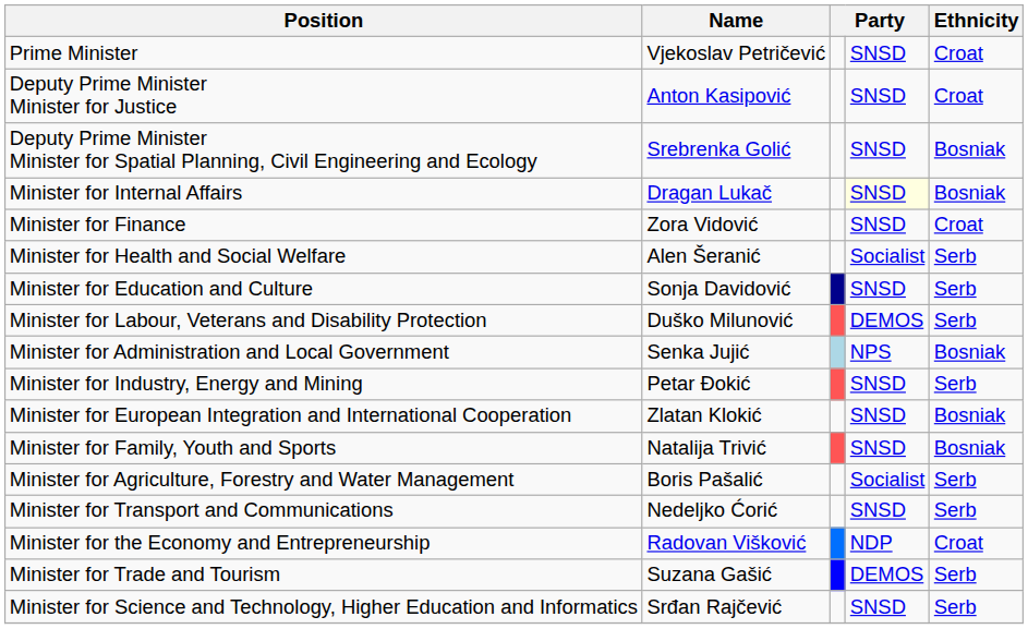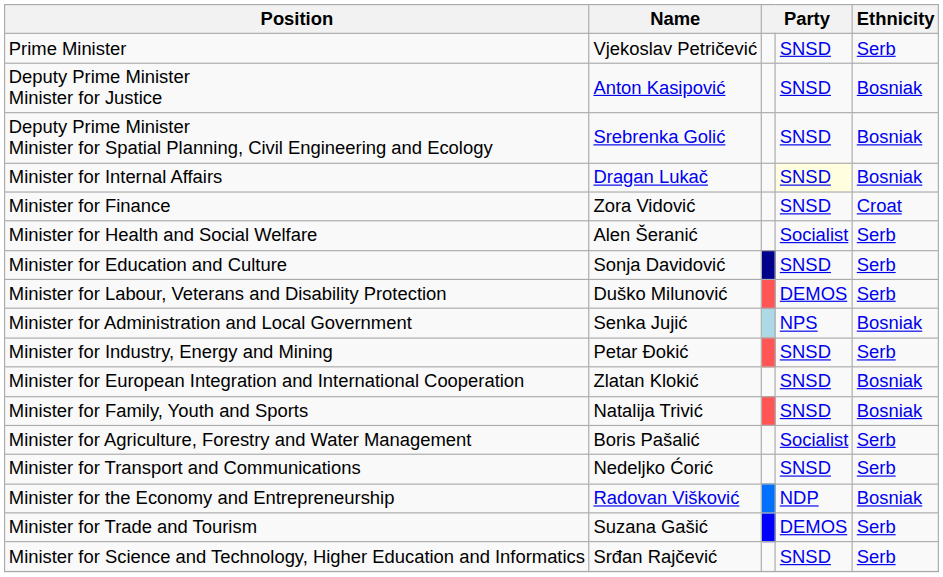 <table class="wikitable">
 <tr>
 <th>Position</th>
 <th>Name</th>
 <th colspan=2>Party</th>
 <th>Ethnicity</th>
 </tr>
 <tr>
 <td>Prime Minister</td>
 <td>Vjekoslav Petričević</td>
 <td width=5px style="background-color:"></td>
 <td><a href='#'>SNSD</a></td>
-<td><a href='#'>Croat</a></td>
+<td><a href='#'>Serb</a></td>
 </tr>
 <tr>
 <td>Deputy Prime Minister<br>Minister for Justice</td>
 <td><a href='#'>Anton Kasipović</a></td>
 <td width=5px style="background-color:"></td>
 <td><a href='#'>SNSD</a></td>
-<td><a href='#'>Croat</a></td>
+<td><a href='#'>Bosniak</a></td>
 </tr>
 <tr>
 <td>Deputy Prime Minister<br>Minister for Spatial Planning, Civil Engineering and Ecology</td>
 <td><a href='#'>Srebrenka Golić</a></td>
 <td width=5px style="background-color:"></td>
 <td><a href='#'>SNSD</a></td>
 <td><a href='#'>Bosniak</a></td>
 </tr>
 <tr>
 <td>Minister for Internal Affairs</td>
 <td><a href='#'>Dragan Lukač</a></td>
 <td width=5px style="background-color:"></td>
 <td style="background: lightyellow;"><a href='#'>SNSD</a></td>
 <td><a href='#'>Bosniak</a></td>
 </tr>
 <tr>
 <td>Minister for Finance</td>
 <td>Zora Vidović</td>
 <td width=5px style="background-color:"></td>
 <td><a href='#'>SNSD</a></td>
 <td><a href='#'>Croat</a></td>
 </tr>
 <tr>
 <td>Minister for Health and Social Welfare</td>
 <td>Alen Šeranić</td>
 <td width=5px style="background-color:"></td>
 <td><a href='#'>Socialist</a></td>
 <td><a href='#'>Serb</a></td>
 </tr>
 <tr>
 <td>Minister for Education and Culture</td>
 <td>Sonja Davidović</td>
 <td width=5px style="background-color:darkblue"></td>
 <td><a href='#'>SNSD</a></td>
 <td><a href='#'>Serb</a></td>
 </tr>
 <tr>
 <td>Minister for Labour, Veterans and Disability Protection</td>
 <td>Duško Milunović</td>
 <td width=5px style="background-color:#ff5555"></td>
 <td><a href='#'>DEMOS</a></td>
 <td><a href='#'>Serb</a></td>
 </tr>
 <tr>
 <td>Minister for Administration and Local Government</td>
 <td>Senka Jujić</td>
 <td width=5px style="background-color:lightblue"></td>
 <td><a href='#'>NPS</a></td>
 <td><a href='#'>Bosniak</a></td>
 </tr>
 <tr>
 <td>Minister for Industry, Energy and Mining</td>
 <td>Petar Đokić</td>
 <td width=5px style="background-color: #ff5555"></td>
 <td><a href='#'>SNSD</a></td>
 <td><a href='#'>Serb</a></td>
 </tr>
 <tr>
 <td>Minister for European Integration and International Cooperation</td>
 <td>Zlatan Klokić</td>
 <td width=5px style="background-color:"></td>
 <td><a href='#'>SNSD</a></td>
 <td><a href='#'>Bosniak</a></td>
 </tr>
 <tr>
 <td>Minister for Family, Youth and Sports</td>
 <td>Natalija Trivić</td>
 <td width=5px style="background-color:#ff5555"></td>
 <td><a href='#'>SNSD</a></td>
 <td><a href='#'>Bosniak</a></td>
 </tr>
 <tr>
 <td>Minister for Agriculture, Forestry and Water Management</td>
 <td>Boris Pašalić</td>
 <td width=5px style="background-color:"></td>
 <td><a href='#'>Socialist</a></td>
 <td><a href='#'>Serb</a></td>
 </tr>
 <tr>
 <td>Minister for Transport and Communications</td>
 <td>Nedeljko Ćorić</td>
 <td width=5px style="background-color:"></td>
 <td><a href='#'>SNSD</a></td>
 <td><a href='#'>Serb</a></td>
 </tr>
 <tr>
 <td>Minister for the Economy and Entrepreneurship</td>
 <td><a href='#'>Radovan Višković</a></td>
 <td width=5px style="background-color:#0070FF"></td>
 <td><a href='#'>NDP</a></td>
-<td><a href='#'>Croat</a></td>
+<td><a href='#'>Bosniak</a></td>
 </tr>
 <tr>
 <td>Minister for Trade and Tourism</td>
 <td>Suzana Gašić</td>
 <td width=5px style="background-color:blue"></td>
 <td><a href='#'>DEMOS</a></td>
 <td><a href='#'>Serb</a></td>
 </tr>
 <tr>
 <td>Minister for Science and Technology, Higher Education and Informatics</td>
 <td>Srđan Rajčević</td>
 <td width=5px style="background-color:"></td>
 <td><a href='#'>SNSD</a></td>
 <td><a href='#'>Serb</a></td>
 </tr>
 <tr>
 </tr>
 </table>
